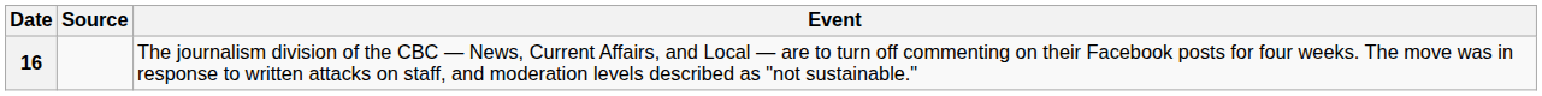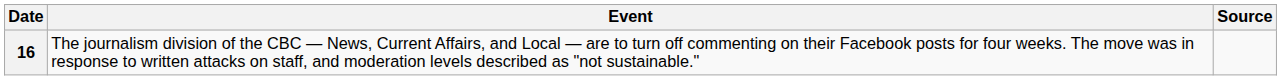 <table class="wikitable">
 <tr>
 <th>Date</th>
+<th>Event</th>
 <th>Source</th>
-<th>Event</th>
 </tr>
 <tr>
 <th>16</th>
+<td>The journalism division of the CBC — News, Current Affairs, and Local — are to turn off commenting on their Facebook posts for four weeks. The move was in response to written attacks on staff, and moderation levels described as "not sustainable."</td>
 <td></td>
-<td>The journalism division of the CBC — News, Current Affairs, and Local — are to turn off commenting on their Facebook posts for four weeks. The move was in response to written attacks on staff, and moderation levels described as "not sustainable."</td>
 </tr>
 </table>
